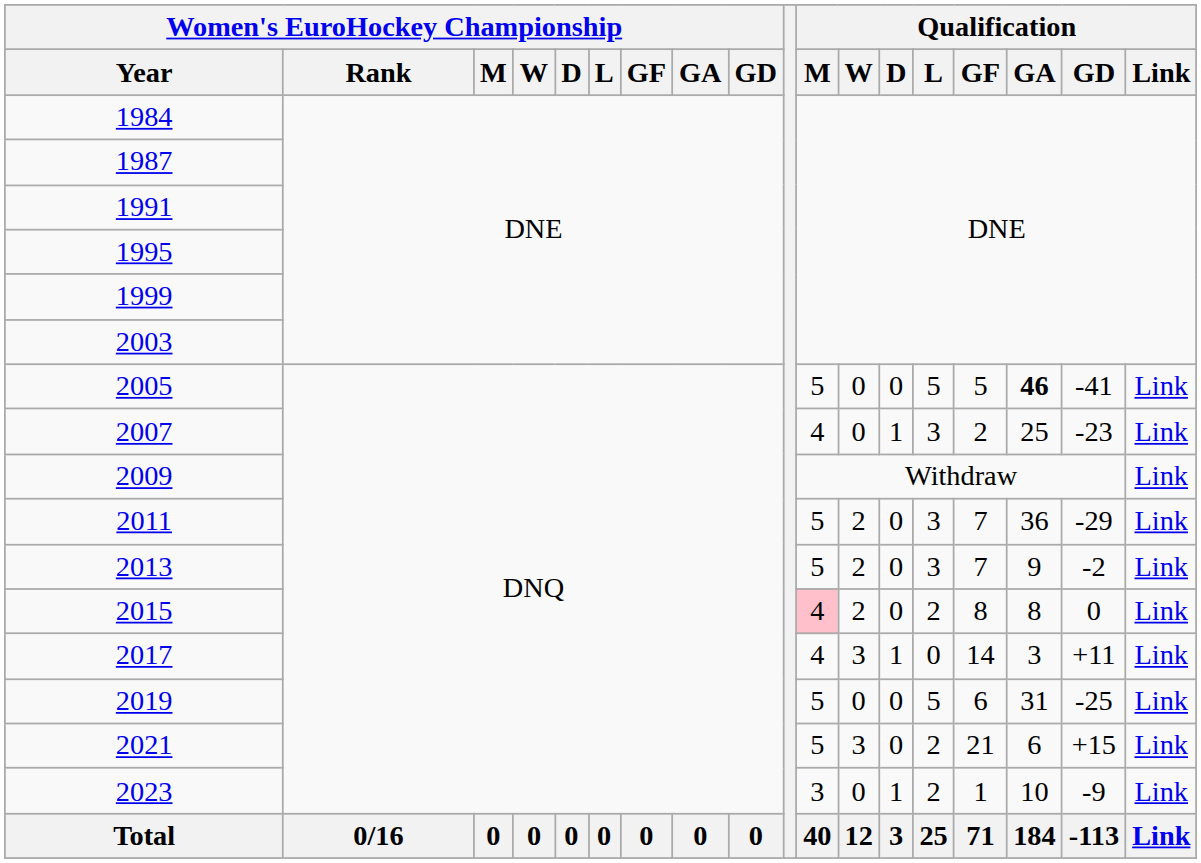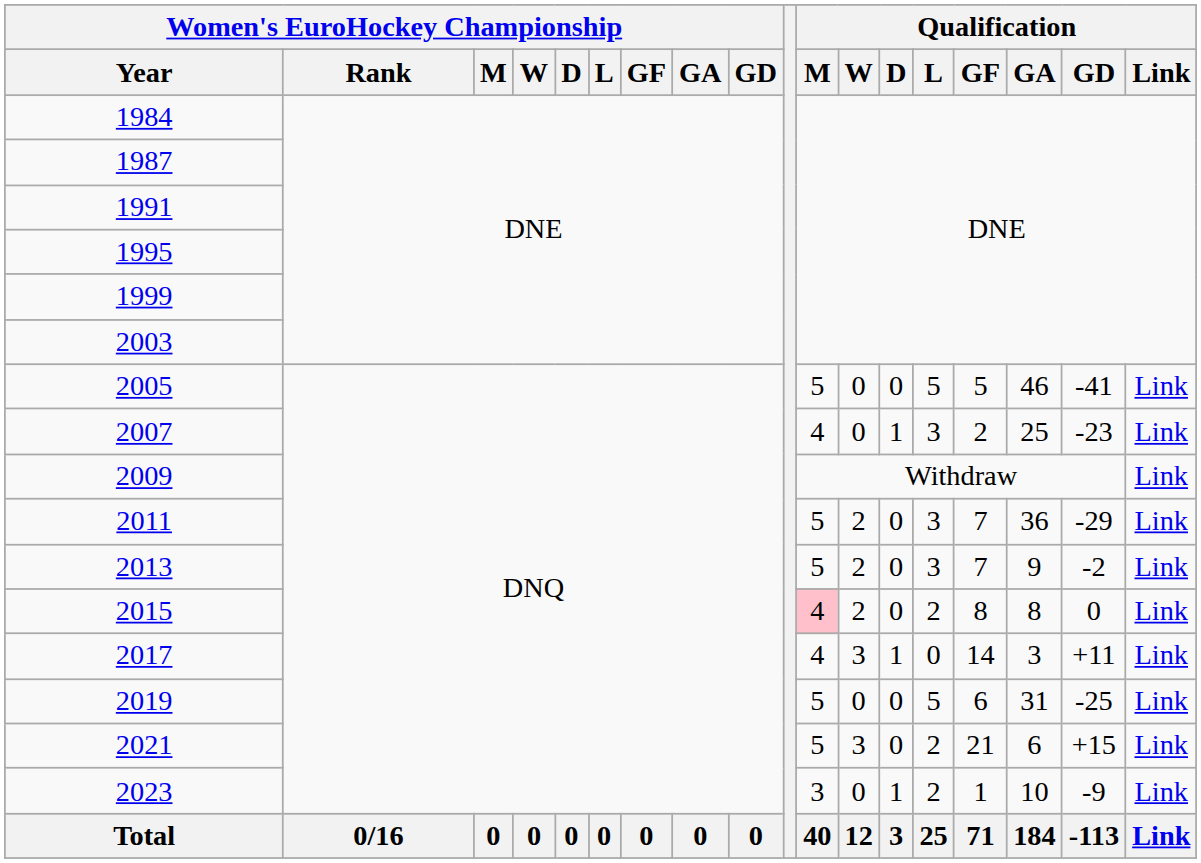 <table class="wikitable" style="text-align: center;font-size:100%;">
 <tr>
 <th colspan=9><a href='#'>Women's EuroHockey Championship</a></th>
 <th style=width:1 rowspan=19></th>
 <th colspan=8>Qualification</th>
 </tr>
 <tr>
 <th width=150>Year</th>
 <th width=100>Rank</th>
 <th>M</th>
 <th>W</th>
 <th>D</th>
 <th>L</th>
 <th>GF</th>
 <th>GA</th>
 <th>GD</th>
 <th>M</th>
 <th>W</th>
 <th>D</th>
 <th>L</th>
 <th>GF</th>
 <th>GA</th>
 <th>GD</th>
 <th>Link</th>
 </tr>
 <tr>
 <td> <a href='#'>1984</a></td>
 <td rowspan=6 colspan=8>DNE</td>
 <td rowspan=6 colspan=8>DNE</td>
 </tr>
 <tr>
 <td> <a href='#'>1987</a></td>
 </tr>
 <tr>
 <td> <a href='#'>1991</a></td>
 </tr>
 <tr>
 <td> <a href='#'>1995</a></td>
 </tr>
 <tr>
 <td> <a href='#'>1999</a></td>
 </tr>
 <tr>
 <td> <a href='#'>2003</a></td>
 </tr>
 <tr>
 <td> <a href='#'>2005</a></td>
 <td rowspan=10 colspan=8>DNQ</td>
 <td>5</td>
 <td>0</td>
 <td>0</td>
 <td>5</td>
 <td>5</td>
-<td><strong>46</strong></td>
+<td>46</td>
 <td>-41</td>
 <td><a href='#'>Link</a></td>
 </tr>
 <tr>
 <td> <a href='#'>2007</a></td>
 <td>4</td>
 <td>0</td>
 <td>1</td>
 <td>3</td>
 <td>2</td>
 <td>25</td>
 <td>-23</td>
 <td><a href='#'>Link</a></td>
 </tr>
 <tr>
 <td> <a href='#'>2009</a></td>
 <td colspan=7>Withdraw</td>
 <td><a href='#'>Link</a></td>
 </tr>
 <tr>
 <td> <a href='#'>2011</a></td>
 <td>5</td>
 <td>2</td>
 <td>0</td>
 <td>3</td>
 <td>7</td>
 <td>36</td>
 <td>-29</td>
 <td><a href='#'>Link</a></td>
 </tr>
 <tr>
 <td> <a href='#'>2013</a></td>
 <td>5</td>
 <td>2</td>
 <td>0</td>
 <td>3</td>
 <td>7</td>
 <td>9</td>
 <td>-2</td>
 <td><a href='#'>Link</a></td>
 </tr>
 <tr>
 <td> <a href='#'>2015</a></td>
 <td style="background: pink;">4</td>
 <td>2</td>
 <td>0</td>
 <td>2</td>
 <td>8</td>
 <td>8</td>
 <td>0</td>
 <td><a href='#'>Link</a></td>
 </tr>
 <tr>
 <td> <a href='#'>2017</a></td>
 <td>4</td>
 <td>3</td>
 <td>1</td>
 <td>0</td>
 <td>14</td>
 <td>3</td>
 <td>+11</td>
 <td><a href='#'>Link</a></td>
 </tr>
 <tr>
 <td> <a href='#'>2019</a></td>
 <td>5</td>
 <td>0</td>
 <td>0</td>
 <td>5</td>
 <td>6</td>
 <td>31</td>
 <td>-25</td>
 <td><a href='#'>Link</a></td>
 </tr>
 <tr>
 <td> <a href='#'>2021</a></td>
 <td>5</td>
 <td>3</td>
 <td>0</td>
 <td>2</td>
 <td>21</td>
 <td>6</td>
 <td>+15</td>
 <td><a href='#'>Link</a></td>
 </tr>
 <tr>
 <td> <a href='#'>2023</a></td>
 <td>3</td>
 <td>0</td>
 <td>1</td>
 <td>2</td>
 <td>1</td>
 <td>10</td>
 <td>-9</td>
 <td><a href='#'>Link</a></td>
 </tr>
 <tr>
 <th><strong>Total</strong></th>
 <th>0/16</th>
 <th>0</th>
 <th>0</th>
 <th>0</th>
 <th>0</th>
 <th>0</th>
 <th>0</th>
 <th>0</th>
 <th>40</th>
 <th>12</th>
 <th>3</th>
 <th>25</th>
 <th>71</th>
 <th>184</th>
 <th>-113</th>
 <th><a href='#'>Link</a></th>
 </tr>
 </table>
